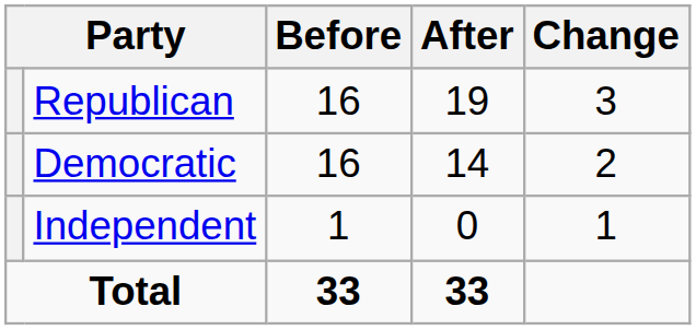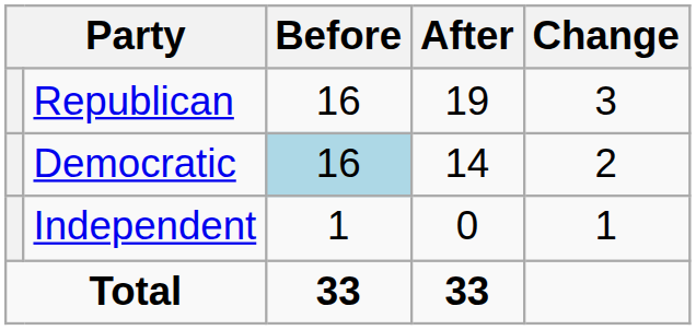 <table class="wikitable" style="text-align:center;">
 <tr>
 <th colspan="2">Party</th>
 <th>Before</th>
 <th>After</th>
 <th>Change</th>
 </tr>
 <tr>
 <th style="background-color:"></th>
 <td style="text-align:left;"><a href='#'>Republican</a></td>
 <td>16</td>
 <td>19</td>
 <td> 3</td>
 </tr>
 <tr>
 <th style="background-color:"></th>
 <td style="text-align:left;"><a href='#'>Democratic</a></td>
-<td>16</td>
+<td style="background: lightblue;">16</td>
 <td>14</td>
 <td> 2</td>
 </tr>
 <tr>
 <th style="background-color:"></th>
 <td style="text-align:left;"><a href='#'>Independent</a></td>
 <td>1</td>
 <td>0</td>
 <td> 1</td>
 </tr>
 <tr>
 <td colspan="2"><strong>Total</strong></td>
 <td><strong>33</strong></td>
 <td><strong>33</strong></td>
 <td></td>
 </tr>
 </table>
